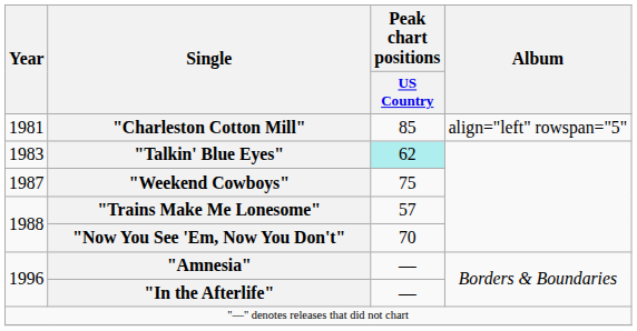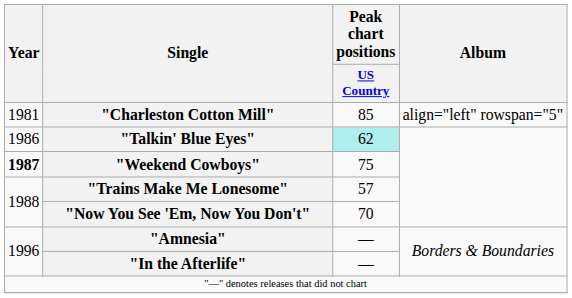 <table class="wikitable plainrowheaders" style="text-align:center;">
 <tr>
 <th rowspan="2">Year</th>
 <th rowspan="2" style="width:18em;">Single</th>
 <th colspan="1">Peak chart<br>positions</th>
 <th rowspan="2">Album</th>
 </tr>
 <tr style="font-size:smaller;">
 <th width="45"><a href='#'>US Country</a></th>
 </tr>
 <tr>
 <td>1981</td>
 <th scope="row">"Charleston Cotton Mill"</th>
 <td>85</td>
 <td>align="left" rowspan="5" </td>
 </tr>
 <tr>
-<td>1983</td>
+<td>1986</td>
 <th scope="row">"Talkin' Blue Eyes"</th>
 <td style="background: paleturquoise;">62</td>
 </tr>
 <tr>
-<td>1987</td>
+<td><strong>1987</strong></td>
 <th scope="row">"Weekend Cowboys"</th>
 <td>75</td>
 </tr>
 <tr>
 <td rowspan=2>1988</td>
 <th scope="row">"Trains Make Me Lonesome"</th>
 <td>57</td>
 </tr>
 <tr>
 <th scope="row">"Now You See 'Em, Now You Don't"</th>
 <td>70</td>
 </tr>
 <tr>
 <td rowspan=2>1996</td>
 <th scope="row">"Amnesia"</th>
 <td>—</td>
 <td rowspan=2><em>Borders & Boundaries</em></td>
 </tr>
 <tr>
 <th scope="row">"In the Afterlife"</th>
 <td>—</td>
 </tr>
 <tr>
 <td colspan="5" style="font-size:8pt">"—" denotes releases that did not chart</td>
 </tr>
 <tr>
 </tr>
 </table>
